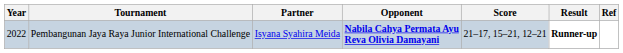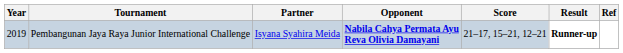 <table class="sortable wikitable" style="font-size: 90%">
 <tr>
 <th>Year</th>
 <th>Tournament</th>
 <th>Partner</th>
 <th>Opponent</th>
 <th>Score</th>
 <th>Result</th>
 <th>Ref</th>
 </tr>
 <tr style="background:#C6D4E1">
-<td align="center">2022</td>
+<td align="center">2019</td>
 <td align="left">Pembangunan Jaya Raya Junior International Challenge</td>
 <td align="left"> <a href='#'>Isyana Syahira Meida</a></td>
 <td align="left"><strong> <a href='#'>Nabila Cahya Permata Ayu</a><br> <a href='#'>Reva Olivia Damayani</a></strong></td>
 <td align="left">21–17, 15–21, 12–21</td>
 <td style="text-align:left; background:white"> <strong>Runner-up</strong></td>
 <td style="text-align:center; background:white"></td>
 </tr>
 </table>
